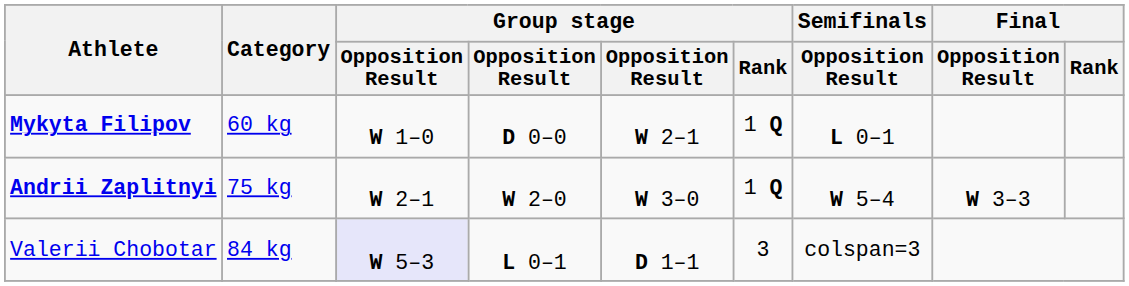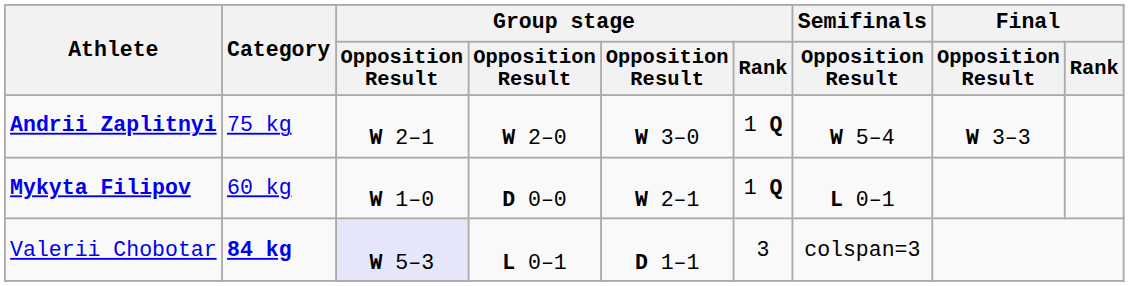 <table class="wikitable" style="text-align:center; font-size:90%">
 <tr>
 <th rowspan=2>Athlete</th>
 <th rowspan=2>Category</th>
 <th colspan=4>Group stage</th>
 <th>Semifinals</th>
 <th colspan=2>Final</th>
 </tr>
 <tr style="font-size:95%">
 <th>Opposition<br>Result</th>
 <th>Opposition<br>Result</th>
 <th>Opposition<br>Result</th>
 <th>Rank</th>
 <th>Opposition<br>Result</th>
 <th>Opposition<br>Result</th>
 <th>Rank</th>
 </tr>
 <tr>
+<td align=left><strong><a href='#'>Andrii Zaplitnyi</a></strong></td>
+<td align=left><a href='#'>75 kg</a></td>
+<td><br><strong>W</strong> 2–1</td>
+<td><br><strong>W</strong> 2–0</td>
+<td><br><strong>W</strong> 3–0</td>
+<td>1 <strong>Q</strong></td>
+<td><br><strong>W</strong> 5–4</td>
+<td><br><strong>W</strong> 3–3</td>
+<td></td>
+</tr>
+<tr>
 <td align=left><strong><a href='#'>Mykyta Filipov</a></strong></td>
 <td align=left><a href='#'>60 kg</a></td>
 <td><br><strong>W</strong> 1–0</td>
 <td><br><strong>D</strong> 0–0</td>
 <td><br><strong>W</strong> 2–1</td>
 <td>1 <strong>Q</strong></td>
 <td><br><strong>L</strong> 0–1</td>
 <td></td>
 <td></td>
 </tr>
 <tr>
-<td align=left><strong><a href='#'>Andrii Zaplitnyi</a></strong></td>
-<td align=left><a href='#'>75 kg</a></td>
-<td><br><strong>W</strong> 2–1</td>
-<td><br><strong>W</strong> 2–0</td>
-<td><br><strong>W</strong> 3–0</td>
-<td>1 <strong>Q</strong></td>
-<td><br><strong>W</strong> 5–4</td>
-<td><br><strong>W</strong> 3–3</td>
-<td></td>
-</tr>
-<tr>
 <td align=left><a href='#'>Valerii Chobotar</a></td>
-<td align=left><a href='#'>84 kg</a></td>
+<td align=left><strong><a href='#'>84 kg</a></strong></td>
 <td style="background: lavender;"><br><strong>W</strong> 5–3</td>
 <td><br><strong>L</strong> 0–1</td>
 <td><br><strong>D</strong> 1–1</td>
 <td>3</td>
 <td>colspan=3 </td>
 </tr>
 </table>
